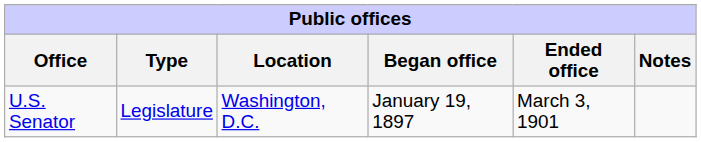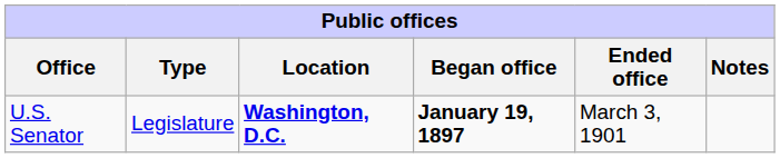 <table class=wikitable style="width: 94%" style="text-align: center;" align="center">
 <tr bgcolor=#cccccc>
 <th colspan=7 style="background: #ccccff;">Public offices</th>
 </tr>
 <tr>
 <th><strong>Office</strong></th>
 <th><strong>Type</strong></th>
 <th><strong>Location</strong></th>
 <th><strong>Began office</strong></th>
 <th><strong>Ended office</strong></th>
 <th><strong>Notes</strong></th>
 </tr>
 <tr>
 <td><a href='#'>U.S. Senator</a></td>
 <td><a href='#'>Legislature</a></td>
-<td><a href='#'>Washington, D.C.</a></td>
-<td>January 19, 1897</td>
+<td><strong><a href='#'>Washington, D.C.</a></strong></td>
+<td><strong>January 19, 1897</strong></td>
 <td>March 3, 1901</td>
 <td></td>
 </tr>
 </table>
